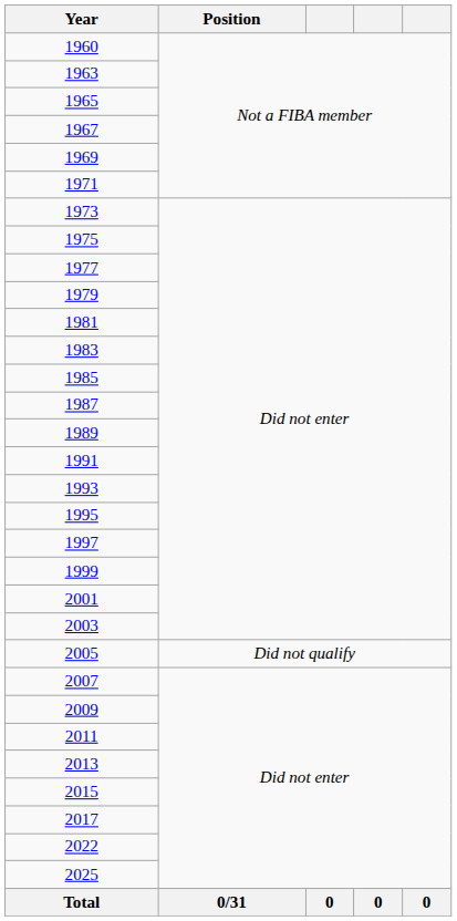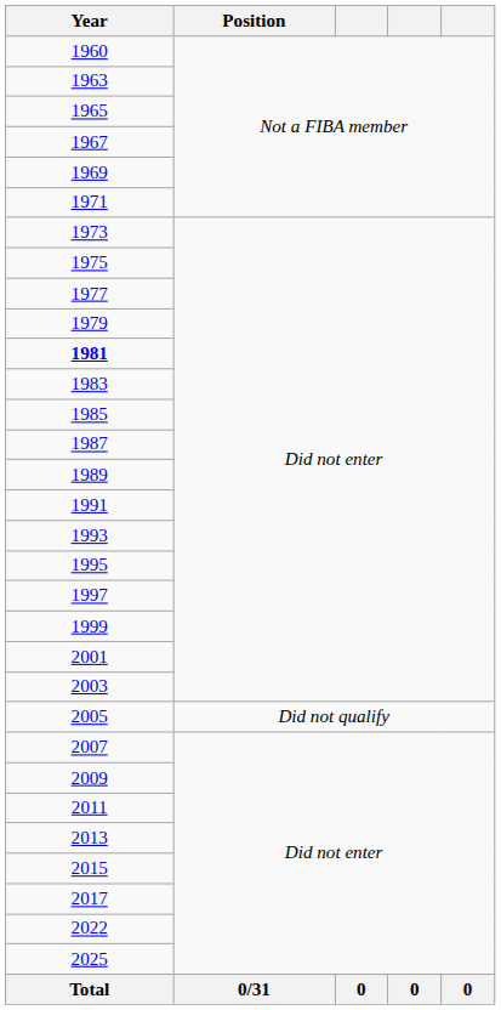 <table class="wikitable" style="text-align: center;font-size:90%;">
 <tr>
 <th width=125>Year</th>
 <th width=120>Position</th>
 <th width=35></th>
 <th width=35></th>
 <th width=35></th>
 </tr>
 <tr>
 <td> <a href='#'>1960</a></td>
 <td rowspan=6 colspan=4><em>Not a FIBA member</em></td>
 </tr>
 <tr>
 <td> <a href='#'>1963</a></td>
 </tr>
 <tr>
 <td> <a href='#'>1965</a></td>
 </tr>
 <tr>
 <td> <a href='#'>1967</a></td>
 </tr>
 <tr>
 <td> <a href='#'>1969</a></td>
 </tr>
 <tr>
 <td> <a href='#'>1971</a></td>
 </tr>
 <tr>
 <td> <a href='#'>1973</a></td>
 <td rowspan=16 colspan=4><em>Did not enter</em></td>
 </tr>
 <tr>
 <td> <a href='#'>1975</a></td>
 </tr>
 <tr>
 <td> <a href='#'>1977</a></td>
 </tr>
 <tr>
 <td> <a href='#'>1979</a></td>
 </tr>
 <tr>
-<td> <a href='#'>1981</a></td>
+<td><strong> <a href='#'>1981</a></strong></td>
 </tr>
 <tr>
 <td> <a href='#'>1983</a></td>
 </tr>
 <tr>
 <td> <a href='#'>1985</a></td>
 </tr>
 <tr>
 <td> <a href='#'>1987</a></td>
 </tr>
 <tr>
 <td> <a href='#'>1989</a></td>
 </tr>
 <tr>
 <td> <a href='#'>1991</a></td>
 </tr>
 <tr>
 <td> <a href='#'>1993</a></td>
 </tr>
 <tr>
 <td> <a href='#'>1995</a></td>
 </tr>
 <tr>
 <td> <a href='#'>1997</a></td>
 </tr>
 <tr>
 <td> <a href='#'>1999</a></td>
 </tr>
 <tr>
 <td> <a href='#'>2001</a></td>
 </tr>
 <tr>
 <td> <a href='#'>2003</a></td>
 </tr>
 <tr>
 <td> <a href='#'>2005</a></td>
 <td colspan=4><em>Did not qualify</em></td>
 </tr>
 <tr>
 <td> <a href='#'>2007</a></td>
 <td rowspan=8 colspan=4><em>Did not enter</em></td>
 </tr>
 <tr>
 <td> <a href='#'>2009</a></td>
 </tr>
 <tr>
 <td> <a href='#'>2011</a></td>
 </tr>
 <tr>
 <td> <a href='#'>2013</a></td>
 </tr>
 <tr>
 <td> <a href='#'>2015</a></td>
 </tr>
 <tr>
 <td> <a href='#'>2017</a></td>
 </tr>
 <tr>
 <td> <a href='#'>2022</a></td>
 </tr>
 <tr>
 <td> <a href='#'>2025</a></td>
 </tr>
 <tr>
 <th>Total</th>
 <th>0/31</th>
 <th>0</th>
 <th>0</th>
 <th>0</th>
 </tr>
 </table>
